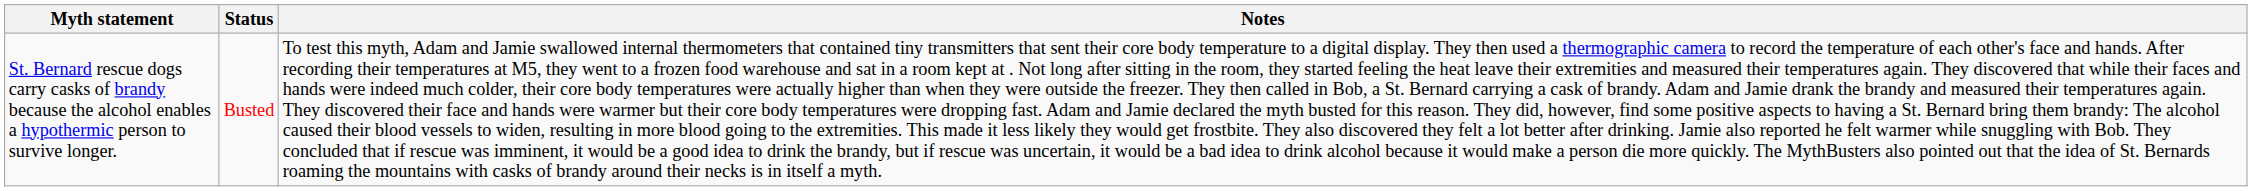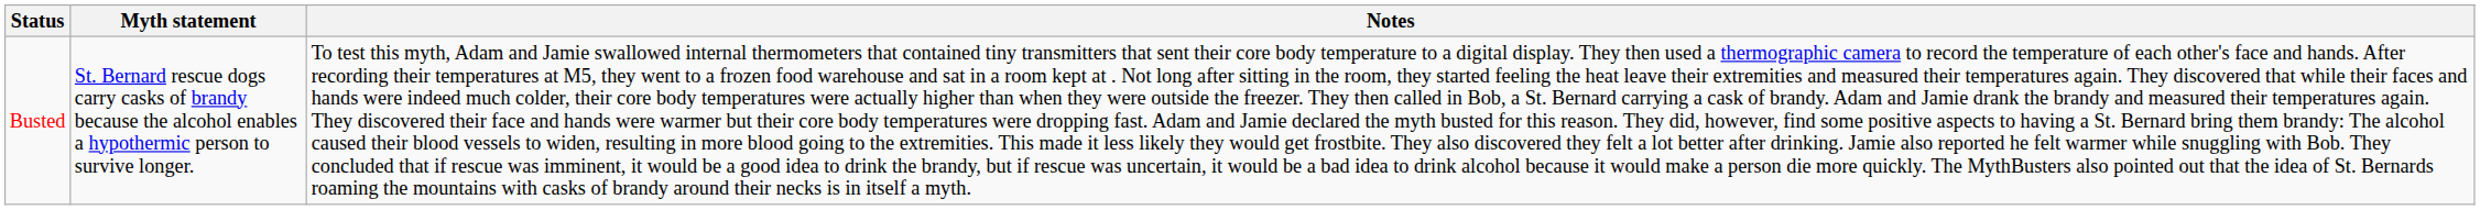 <table class="wikitable plainrowheaders">
 <tr>
+<th>Status</th>
 <th>Myth statement</th>
-<th>Status</th>
 <th>Notes</th>
 </tr>
 <tr>
+<td style="color:red">Busted</td>
 <td><a href='#'>St. Bernard</a> rescue dogs carry casks of <a href='#'>brandy</a> because the alcohol enables a <a href='#'>hypothermic</a> person to survive longer.</td>
-<td style="color:red">Busted</td>
 <td>To test this myth, Adam and Jamie swallowed internal thermometers that contained tiny transmitters that sent their core body temperature to a digital display. They then used a <a href='#'>thermographic camera</a> to record the temperature of each other's face and hands. After recording their temperatures at M5, they went to a frozen food warehouse and sat in a room kept at . Not long after sitting in the room, they started feeling the heat leave their extremities and measured their temperatures again. They discovered that while their faces and hands were indeed much colder, their core body temperatures were actually higher than when they were outside the freezer. They then called in Bob, a St. Bernard carrying a cask of brandy. Adam and Jamie drank the brandy and measured their temperatures again. They discovered their face and hands were warmer but their core body temperatures were dropping fast. Adam and Jamie declared the myth busted for this reason. They did, however, find some positive aspects to having a St. Bernard bring them brandy: The alcohol caused their blood vessels to widen, resulting in more blood going to the extremities. This made it less likely they would get frostbite. They also discovered they felt a lot better after drinking.  Jamie also reported he felt warmer while snuggling with Bob. They concluded that if rescue was imminent, it would be a good idea to drink the brandy, but if rescue was uncertain, it would be a bad idea to drink alcohol because it would make a person die more quickly. The MythBusters also pointed out that the idea of St. Bernards roaming the mountains with casks of brandy around their necks is in itself a myth.</td>
 </tr>
 </table>
